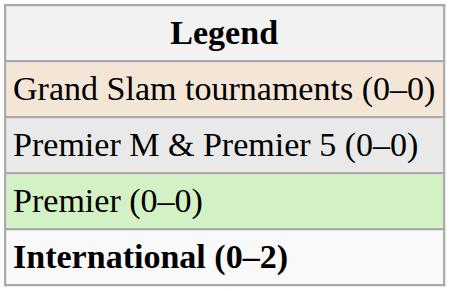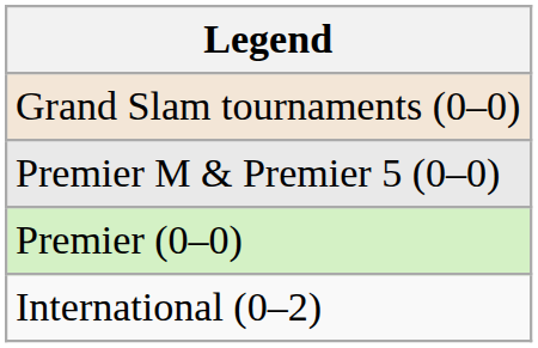 <table class=wikitable style="font-size:95%">
 <tr>
 <th>Legend</th>
 </tr>
 <tr>
 <td style="background:#f3e6d7;">Grand Slam tournaments (0–0)</td>
 </tr>
 <tr>
 <td style="background:#e9e9e9;">Premier M & Premier 5 (0–0)</td>
 </tr>
 <tr>
 <td style="background:#d4f1c5;">Premier (0–0)</td>
 </tr>
 <tr>
-<td><strong>International (0–2)</strong></td>
+<td>International (0–2)</td>
 </tr>
 </table>
